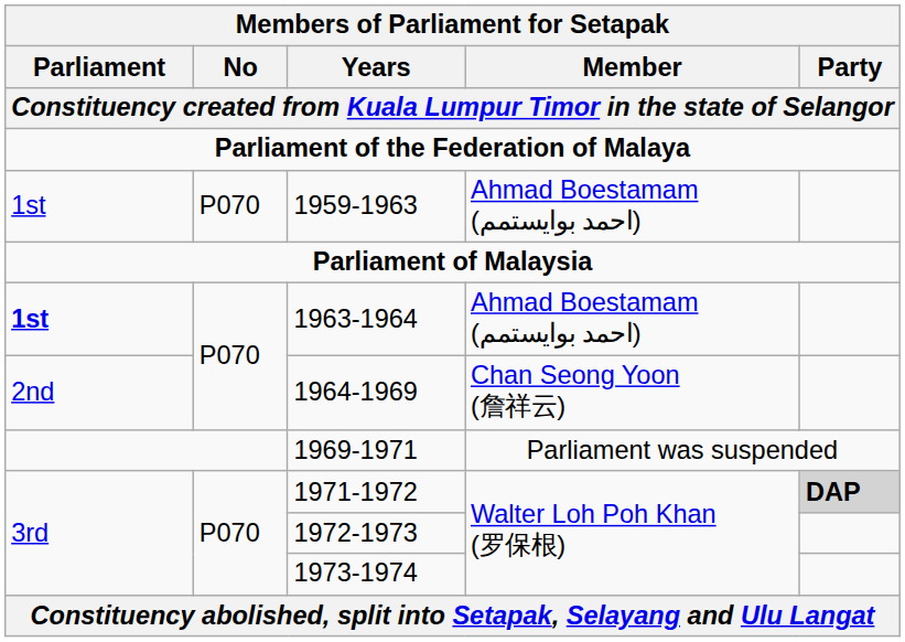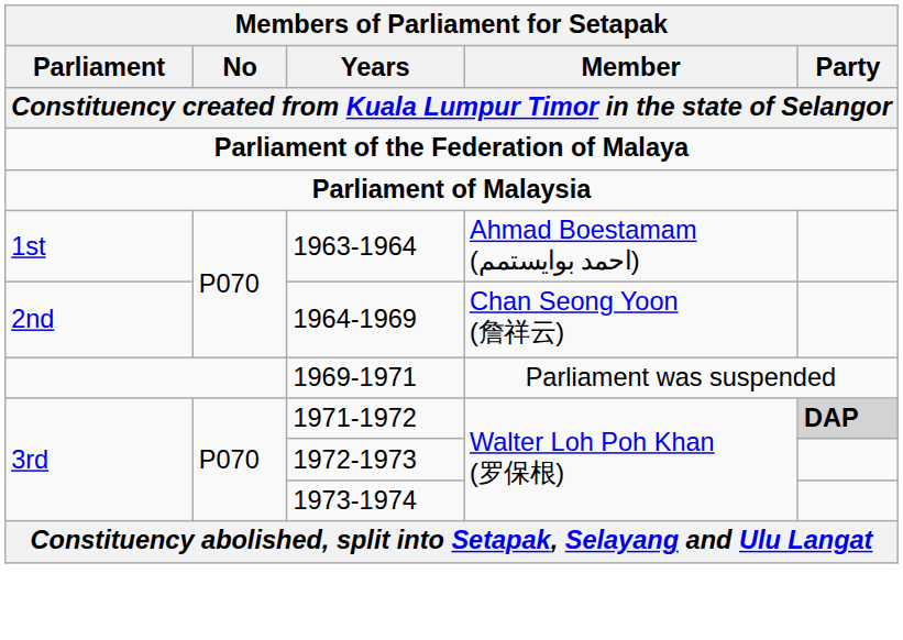 <table class=wikitable>
 <tr>
 <th colspan="5">Members of Parliament for Setapak</th>
 </tr>
 <tr>
 <th>Parliament</th>
 <th>No</th>
 <th>Years</th>
 <th>Member</th>
 <th>Party</th>
 </tr>
 <tr>
 <th colspan="5" align="center"><em>Constituency created from <a href='#'>Kuala Lumpur Timor</a> in the state of Selangor</em></th>
 </tr>
 <tr>
 <td colspan="5" align="center"><strong>Parliament of the Federation of Malaya</strong></td>
 </tr>
 <tr>
-<td><a href='#'>1st</a></td>
-<td>P070</td>
-<td>1959-1963</td>
-<td><a href='#'>Ahmad Boestamam</a>  <br>(احمد بوايستمم)</td>
-<td></td>
-</tr>
-<tr>
 <td colspan="5" align="center"><strong>Parliament of Malaysia</strong></td>
 </tr>
 <tr>
-<td><strong><a href='#'>1st</a></strong></td>
+<td><a href='#'>1st</a></td>
 <td rowspan="2">P070</td>
 <td>1963-1964</td>
 <td><a href='#'>Ahmad Boestamam</a> <br> (احمد بوايستمم)</td>
 <td></td>
 </tr>
 <tr>
 <td><a href='#'>2nd</a></td>
 <td>1964-1969</td>
 <td><a href='#'>Chan Seong Yoon</a> <br> (詹祥云)</td>
 <td></td>
 </tr>
 <tr>
 <td colspan="2"></td>
 <td>1969-1971</td>
 <td colspan=2 align=center>Parliament was suspended</td>
 </tr>
 <tr>
 <td rowspan=3><a href='#'>3rd</a></td>
 <td rowspan="3">P070</td>
 <td>1971-1972</td>
 <td rowspan=3><a href='#'>Walter Loh Poh Khan</a>  <br>(罗保根)</td>
 <td style="background: lightgrey;"><strong>DAP</strong></td>
 </tr>
 <tr>
 <td>1972-1973</td>
 <td></td>
 </tr>
 <tr>
 <td>1973-1974</td>
 <td></td>
 </tr>
 <tr>
 <th colspan="5" align="center"><em>Constituency abolished, split into <a href='#'>Setapak</a>, <a href='#'>Selayang</a> and <a href='#'>Ulu Langat</a></em></th>
 </tr>
 </table>
